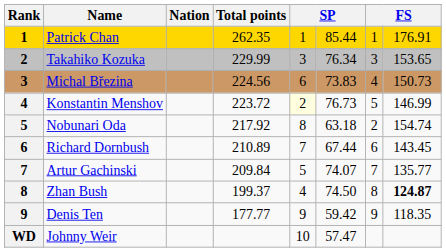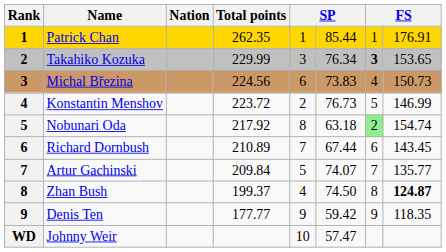 <table class="wikitable sortable">
 <tr>
 <th>Rank</th>
 <th>Name</th>
 <th>Nation</th>
 <th>Total points</th>
 <th colspan="2" width="80px"><a href='#'>SP</a></th>
 <th colspan="2" width="80px"><a href='#'>FS</a></th>
 </tr>
 <tr bgcolor="gold">
 <td align="center"><strong>1</strong></td>
 <td><a href='#'>Patrick Chan</a></td>
 <td></td>
 <td align="center">262.35</td>
 <td align="center">1</td>
 <td align="center">85.44</td>
 <td align="center">1</td>
 <td align="center">176.91</td>
 </tr>
 <tr bgcolor="silver">
 <td align="center"><strong>2</strong></td>
 <td><a href='#'>Takahiko Kozuka</a></td>
 <td></td>
 <td align="center">229.99</td>
 <td align="center">3</td>
 <td align="center">76.34</td>
-<td align="center">3</td>
+<td align="center"><strong>3</strong></td>
 <td align="center">153.65</td>
 </tr>
 <tr bgcolor="cc9966">
 <td align="center"><strong>3</strong></td>
 <td><a href='#'>Michal Březina</a></td>
 <td></td>
 <td align="center">224.56</td>
 <td align="center">6</td>
 <td align="center">73.83</td>
 <td align="center">4</td>
 <td align="center">150.73</td>
 </tr>
 <tr>
 <th>4</th>
 <td><a href='#'>Konstantin Menshov</a></td>
 <td></td>
 <td align="center">223.72</td>
-<td align="center" style="background: lightyellow;">2</td>
+<td align="center">2</td>
 <td align="center">76.73</td>
 <td align="center">5</td>
 <td align="center">146.99</td>
 </tr>
 <tr>
 <th>5</th>
 <td><a href='#'>Nobunari Oda</a></td>
 <td></td>
 <td align="center">217.92</td>
 <td align="center">8</td>
 <td align="center">63.18</td>
-<td align="center">2</td>
+<td align="center" style="background: lightgreen;">2</td>
 <td align="center">154.74</td>
 </tr>
 <tr>
 <th>6</th>
 <td><a href='#'>Richard Dornbush</a></td>
 <td></td>
 <td align="center">210.89</td>
 <td align="center">7</td>
 <td align="center">67.44</td>
 <td align="center">6</td>
 <td align="center">143.45</td>
 </tr>
 <tr>
 <th>7</th>
 <td><a href='#'>Artur Gachinski</a></td>
 <td></td>
 <td align="center">209.84</td>
 <td align="center">5</td>
 <td align="center">74.07</td>
 <td align="center">7</td>
 <td align="center">135.77</td>
 </tr>
 <tr>
 <th>8</th>
 <td><a href='#'>Zhan Bush</a></td>
 <td></td>
 <td align="center">199.37</td>
 <td align="center">4</td>
 <td align="center">74.50</td>
 <td align="center">8</td>
 <td align="center"><strong>124.87</strong></td>
 </tr>
 <tr>
 <th>9</th>
 <td><a href='#'>Denis Ten</a></td>
 <td></td>
 <td align="center">177.77</td>
 <td align="center">9</td>
 <td align="center">59.42</td>
 <td align="center">9</td>
 <td align="center">118.35</td>
 </tr>
 <tr>
 <th>WD</th>
 <td><a href='#'>Johnny Weir</a></td>
 <td></td>
 <td align="center"></td>
 <td align="center">10</td>
 <td align="center">57.47</td>
 <td align="center"></td>
 <td align="center"></td>
 </tr>
 </table>
